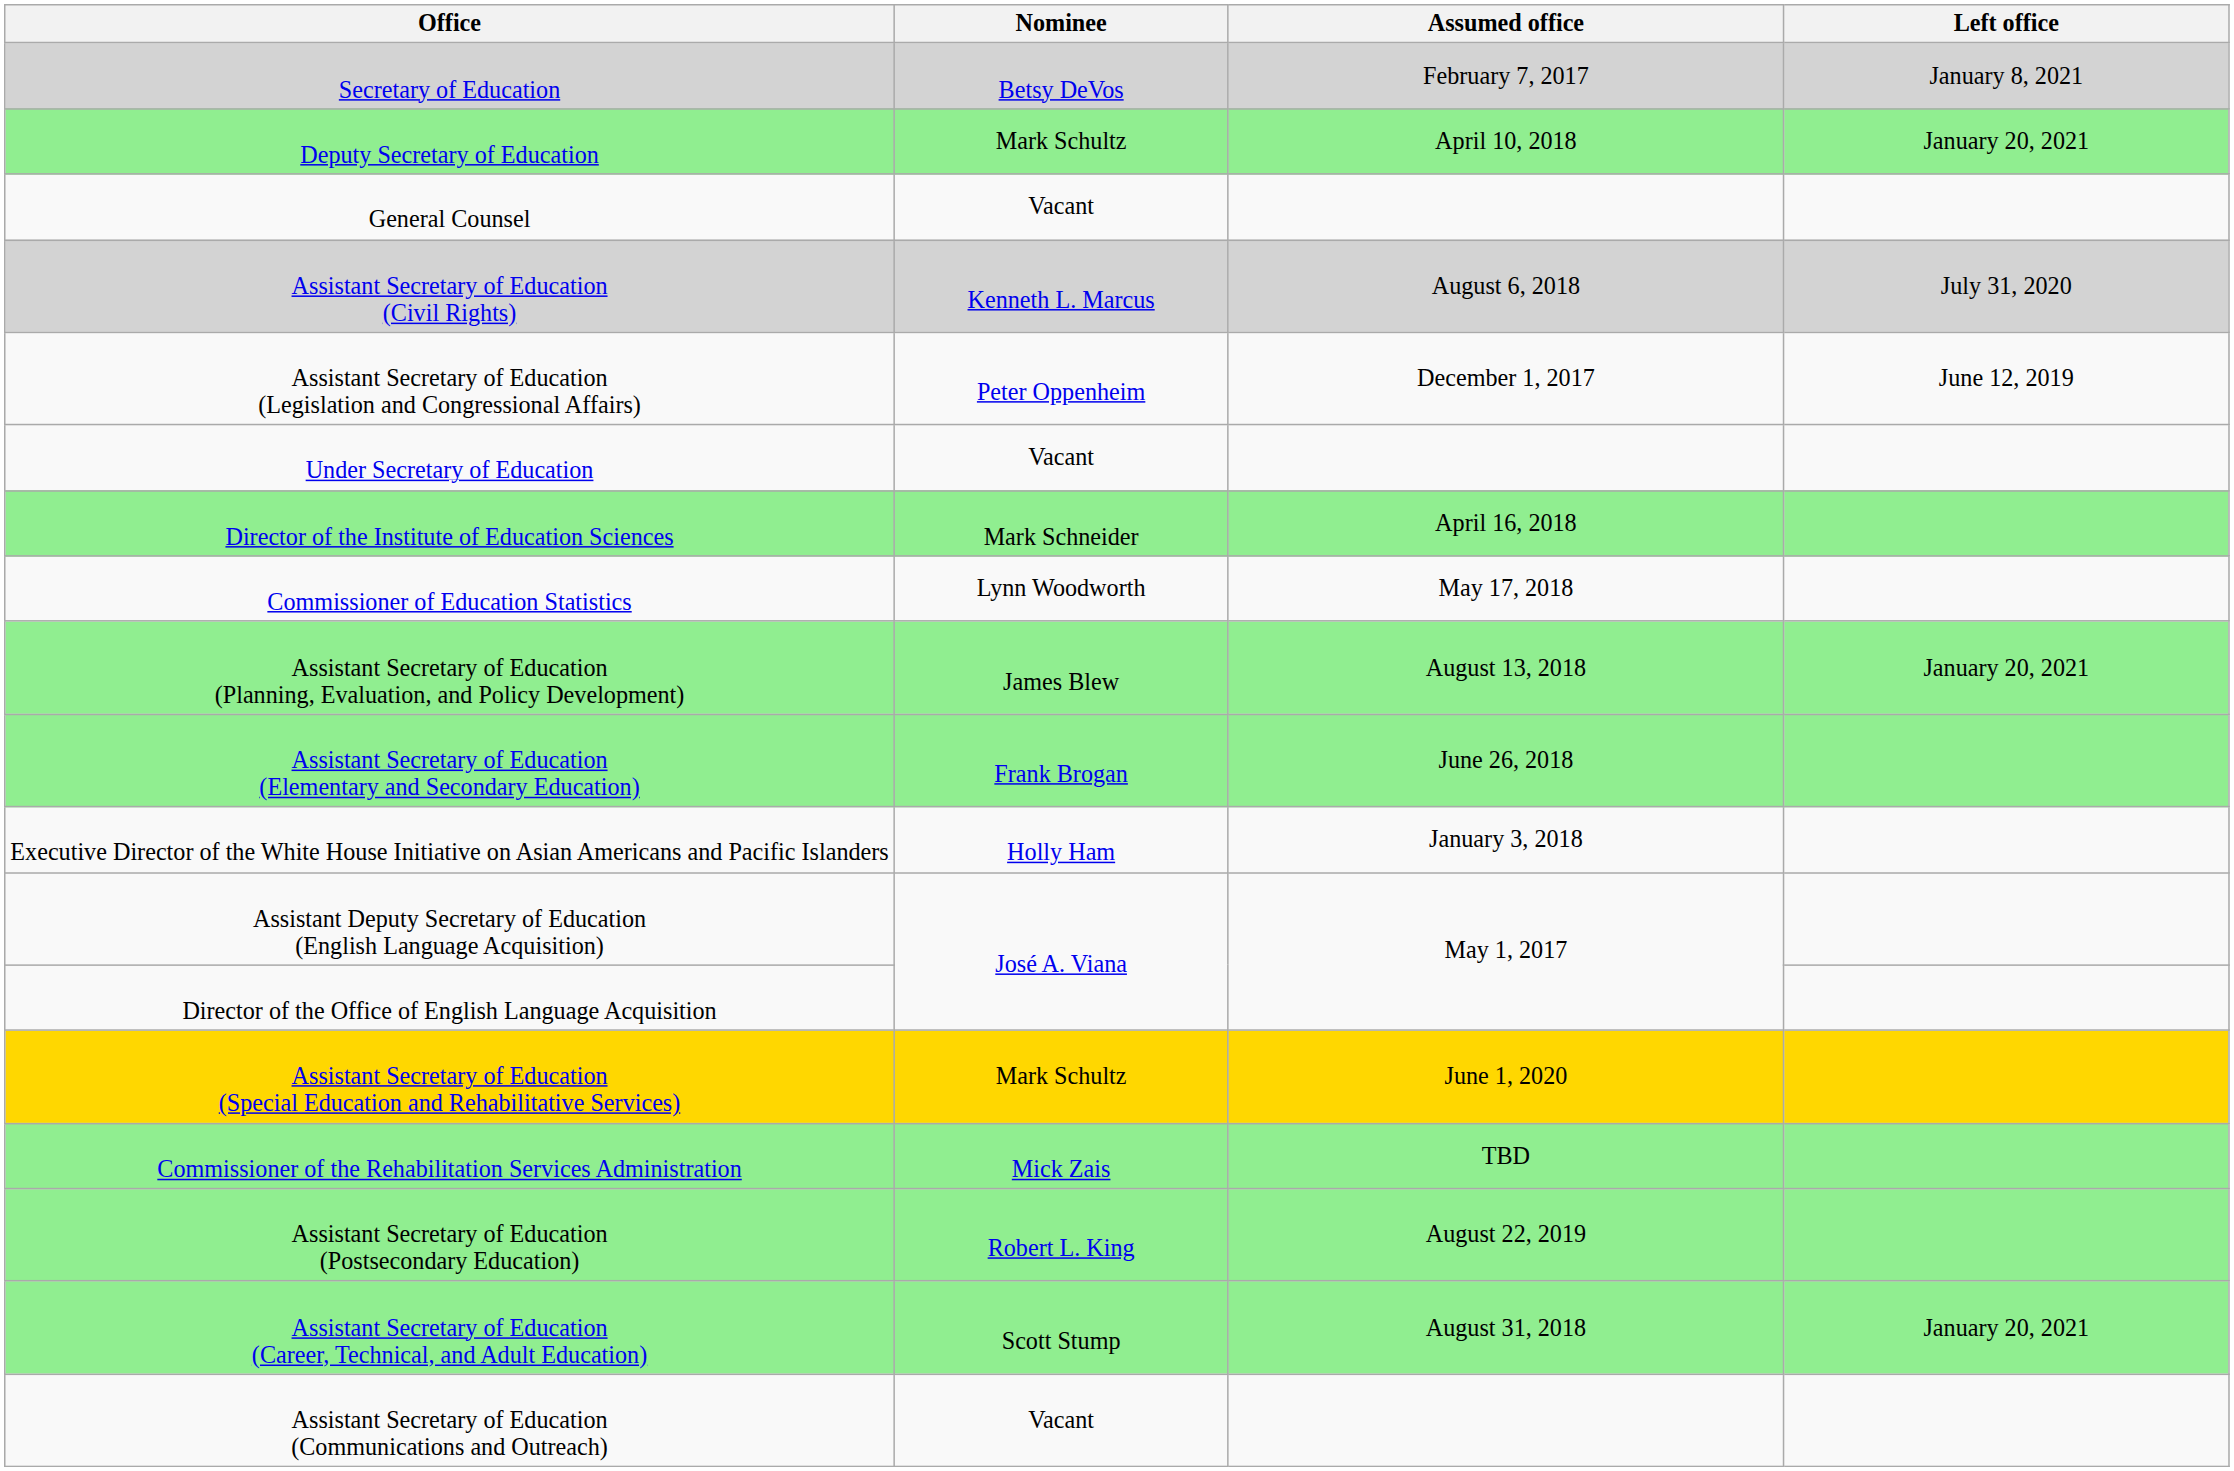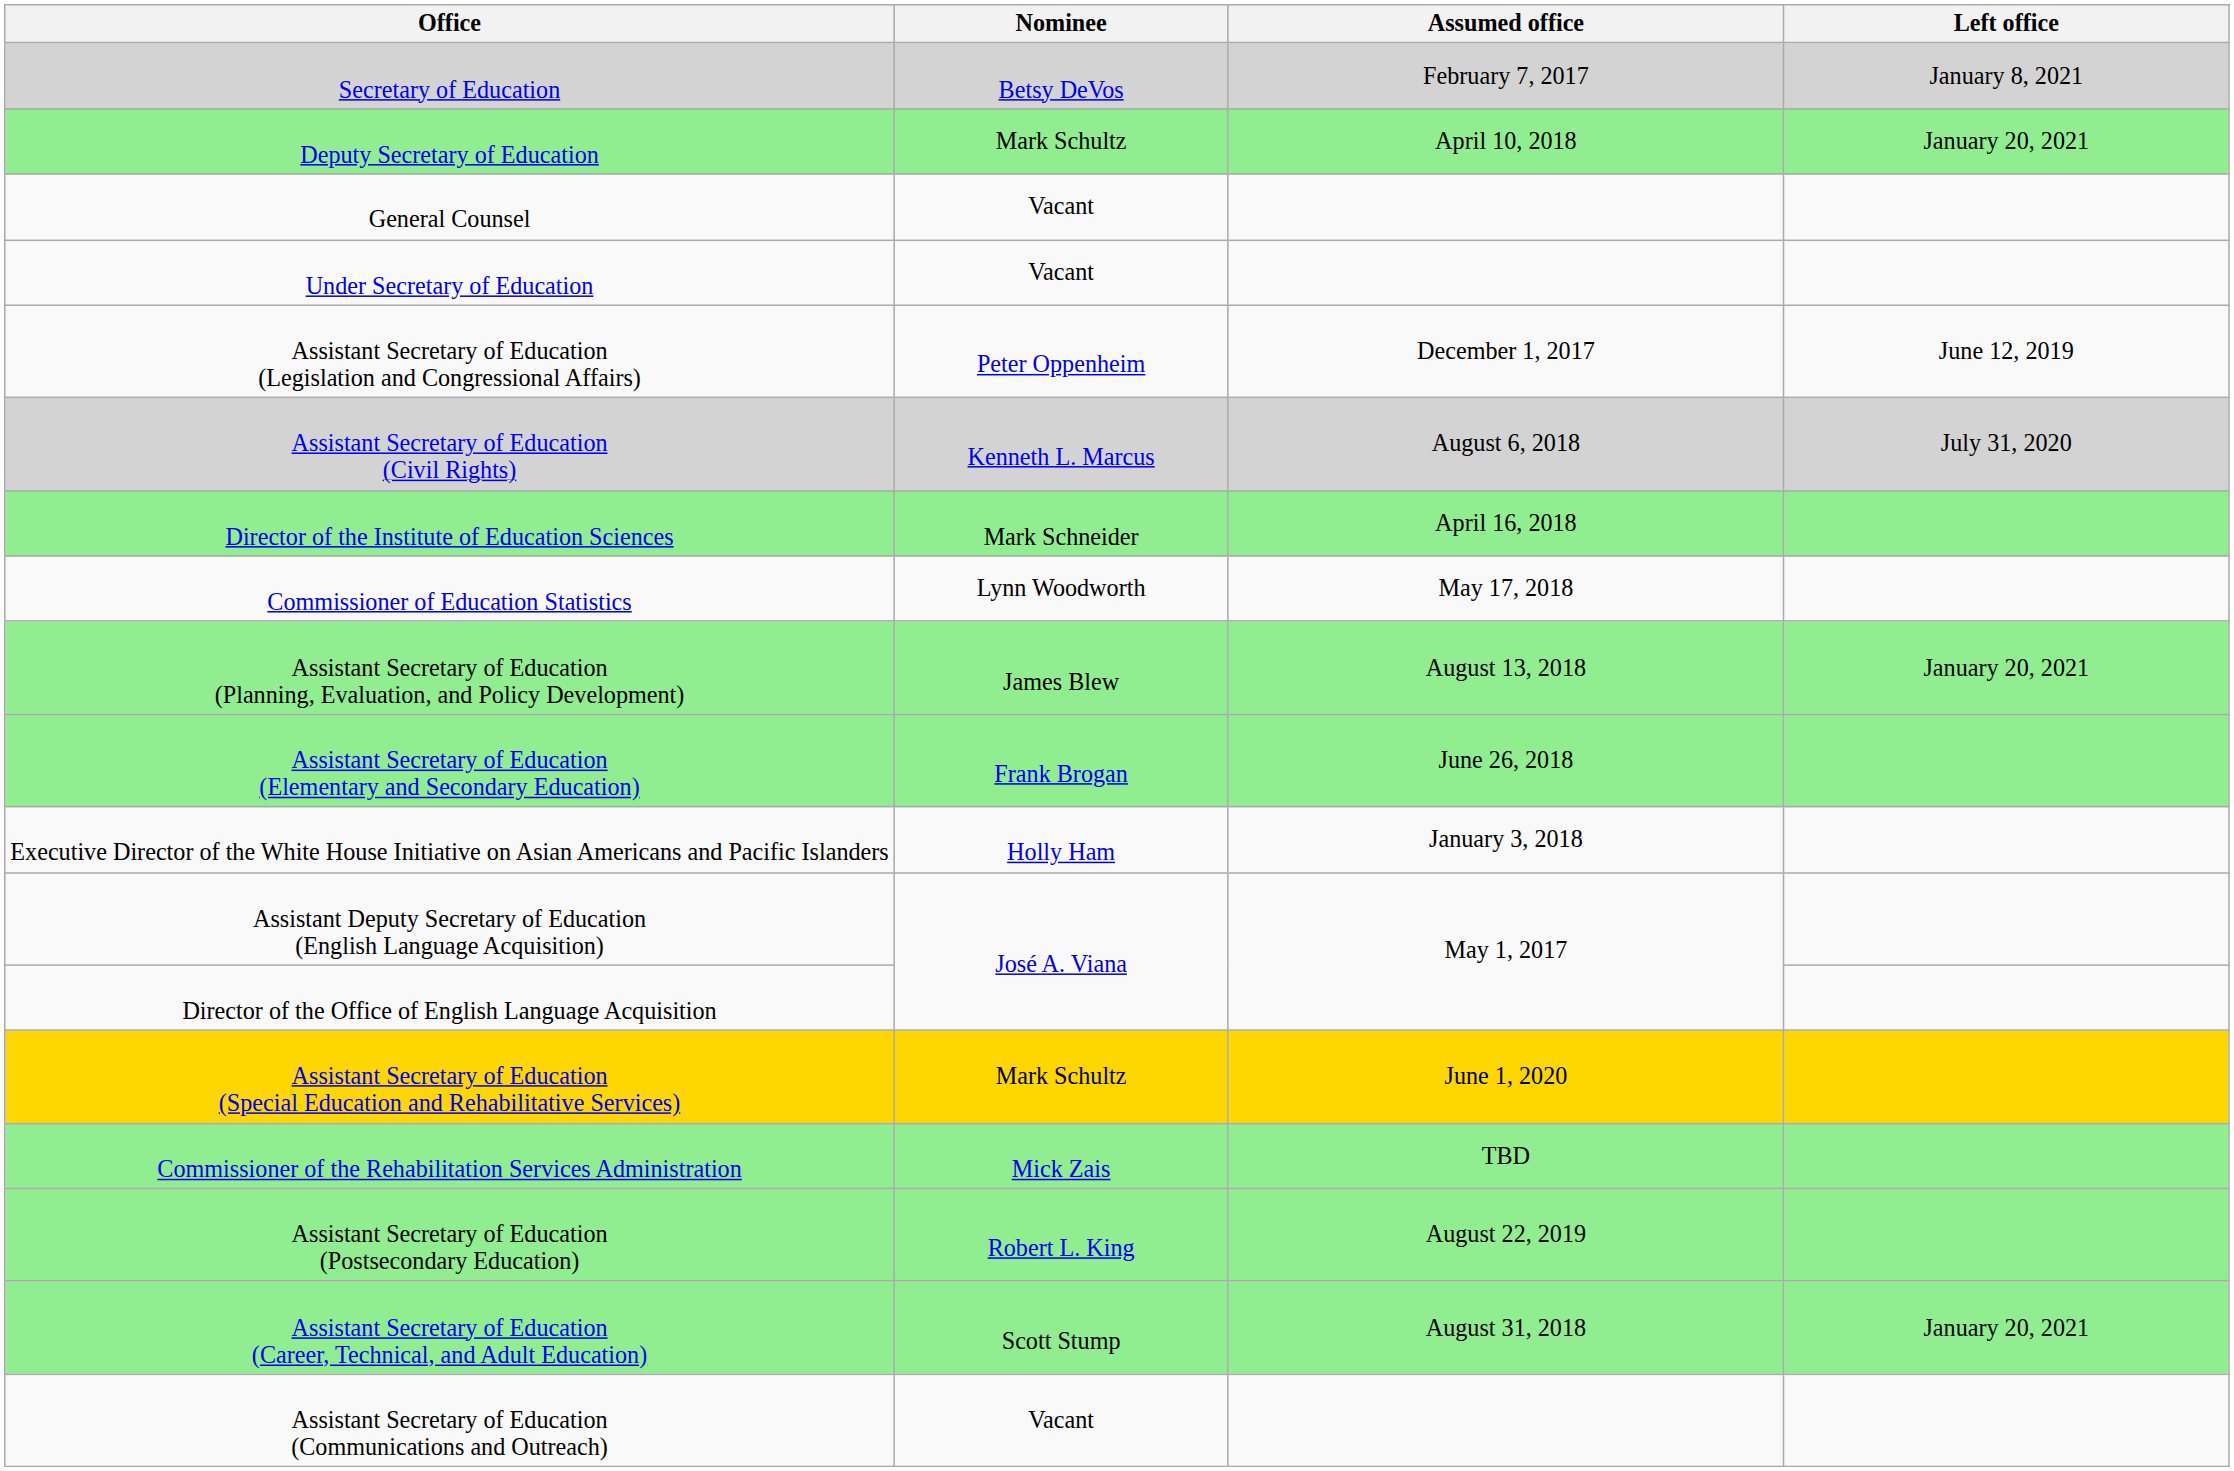 <table class="wikitable sortable" style="text-align:center">
 <tr>
 <th style="width:40%;">Office</th>
 <th style="width:15%;">Nominee</th>
 <th style="width:25%;" data-sort- type="date">Assumed office</th>
 <th style="width:20%;" data-sort- type="date">Left office</th>
 </tr>
 <tr style="background:lightgray;">
 <td><br><a href='#'>Secretary of Education</a></td>
 <td><br><a href='#'>Betsy DeVos</a></td>
 <td>February 7, 2017<br></td>
 <td>January 8, 2021</td>
 </tr>
 <tr style="background:lightgreen">
 <td><br><a href='#'>Deputy Secretary of Education</a></td>
 <td>Mark Schultz</td>
 <td>April 10, 2018<br></td>
 <td>January 20, 2021</td>
 </tr>
 <tr>
 <td><br>General Counsel</td>
 <td>Vacant</td>
 <td></td>
 <td></td>
 </tr>
-<tr style="background:lightgray;">
-<td><br><a href='#'>Assistant Secretary of Education<br>(Civil Rights)</a></td>
-<td><br><a href='#'>Kenneth L. Marcus</a></td>
-<td>August 6, 2018<br></td>
-<td>July 31, 2020</td>
+<tr>
+<td><br><a href='#'>Under Secretary of Education</a></td>
+<td>Vacant</td>
+<td></td>
+<td></td>
 </tr>
 <tr>
 <td><br>Assistant Secretary of Education<br>(Legislation and Congressional Affairs)</td>
 <td><br><a href='#'>Peter Oppenheim</a></td>
 <td>December 1, 2017</td>
 <td>June 12, 2019</td>
 </tr>
-<tr>
-<td><br><a href='#'>Under Secretary of Education</a></td>
-<td>Vacant</td>
-<td></td>
-<td></td>
+<tr style="background:lightgray;">
+<td><br><a href='#'>Assistant Secretary of Education<br>(Civil Rights)</a></td>
+<td><br><a href='#'>Kenneth L. Marcus</a></td>
+<td>August 6, 2018<br></td>
+<td>July 31, 2020</td>
 </tr>
 <tr style="background:lightgreen;">
 <td><br><a href='#'>Director of the Institute of Education Sciences</a></td>
 <td><br>Mark Schneider</td>
 <td>April 16, 2018<br></td>
 <td></td>
 </tr>
 <tr>
 <td><br><a href='#'>Commissioner of Education Statistics</a></td>
 <td>Lynn Woodworth</td>
 <td>May 17, 2018<br></td>
 <td></td>
 </tr>
 <tr style="background:lightgreen;">
 <td><br>Assistant Secretary of Education<br>(Planning, Evaluation, and Policy Development)</td>
 <td><br>James Blew</td>
 <td>August 13, 2018<br></td>
 <td>January 20, 2021</td>
 </tr>
 <tr style="background:lightgreen;">
 <td><br><a href='#'>Assistant Secretary of Education<br>(Elementary and Secondary Education)</a></td>
 <td><br><a href='#'>Frank Brogan</a></td>
 <td>June 26, 2018<br></td>
 <td></td>
 </tr>
 <tr>
 <td><br>Executive Director of the White House Initiative on Asian Americans and Pacific Islanders</td>
 <td><br><a href='#'>Holly Ham</a></td>
 <td>January 3, 2018<br></td>
 <td></td>
 </tr>
 <tr>
 <td><br>Assistant Deputy Secretary of Education<br>(English Language Acquisition)</td>
 <td rowspan="2"><br><a href='#'>José A. Viana</a></td>
 <td rowspan="2">May 1, 2017<br></td>
 <td></td>
 </tr>
 <tr>
 <td><br>Director of the Office of English Language Acquisition</td>
 <td></td>
 </tr>
 <tr style="background:gold;">
 <td><br><a href='#'>Assistant Secretary of Education<br>(Special Education and Rehabilitative Services)</a></td>
 <td>Mark Schultz</td>
 <td>June 1, 2020</td>
 <td></td>
 </tr>
 <tr style="background:lightgreen;">
 <td><br><a href='#'>Commissioner of the Rehabilitation Services Administration</a></td>
 <td><br><a href='#'>Mick Zais</a></td>
 <td>TBD<br></td>
 <td></td>
 </tr>
 <tr style="background:lightgreen;">
 <td><br>Assistant Secretary of Education<br>(Postsecondary Education)</td>
 <td><br><a href='#'>Robert L. King</a></td>
 <td>August 22, 2019<br></td>
 <td></td>
 </tr>
 <tr style="background:lightgreen;">
 <td><br><a href='#'>Assistant Secretary of Education<br>(Career, Technical, and Adult Education)</a></td>
 <td><br>Scott Stump</td>
 <td>August 31, 2018<br></td>
 <td>January 20, 2021</td>
 </tr>
 <tr>
 <td><br>Assistant Secretary of Education<br>(Communications and Outreach)</td>
 <td>Vacant</td>
 <td></td>
 <td></td>
 </tr>
 </table>
